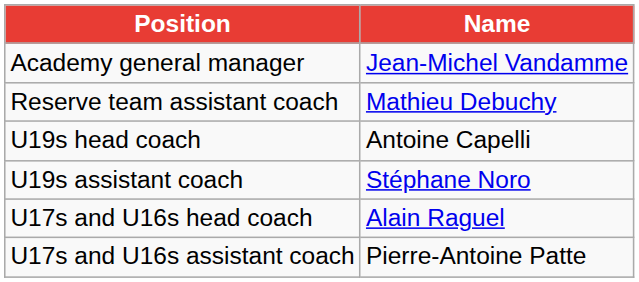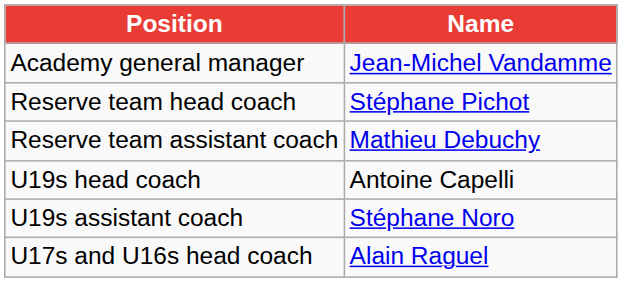 <table class="wikitable">
 <tr>
 <th style="background:#E83C34; color:#FFFFFF; ">Position</th>
 <th style="background:#E83C34; color:#FFFFFF; ">Name</th>
 </tr>
 <tr>
 <td>Academy general manager</td>
 <td> <a href='#'>Jean-Michel Vandamme</a></td>
+</tr>
+<tr>
+<td>Reserve team head coach</td>
+<td> <a href='#'>Stéphane Pichot</a></td>
 </tr>
 <tr>
 <td>Reserve team assistant coach</td>
 <td> <a href='#'>Mathieu Debuchy</a></td>
 </tr>
 <tr>
 <td>U19s head coach</td>
 <td> Antoine Capelli</td>
 </tr>
 <tr>
 <td>U19s assistant coach</td>
 <td> <a href='#'>Stéphane Noro</a></td>
 </tr>
 <tr>
 <td>U17s and U16s head coach</td>
 <td> <a href='#'>Alain Raguel</a></td>
 </tr>
-<tr>
-<td>U17s and U16s assistant coach</td>
-<td> Pierre-Antoine Patte</td>
-</tr>
 </table>
